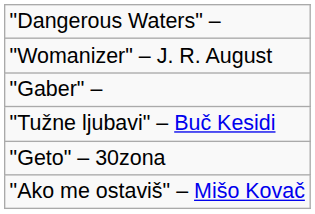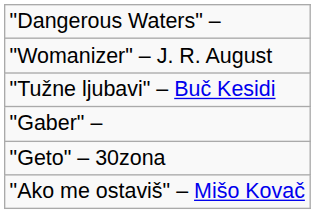 <table class="wikitable mw-collapsible mw-collapsed">
 <tr>
 <td>"Dangerous Waters" – </td>
 </tr>
 <tr>
 <td>"Womanizer" – J. R. August</td>
 </tr>
 <tr>
-<td>"Gaber" – </td>
+<td>"Tužne ljubavi" – <a href='#'>Buč Kesidi</a></td>
 </tr>
 <tr>
-<td>"Tužne ljubavi" – <a href='#'>Buč Kesidi</a></td>
+<td>"Gaber" – </td>
 </tr>
 <tr>
 <td>"Geto" – 30zona</td>
 </tr>
 <tr>
 <td>"Ako me ostaviš" – <a href='#'>Mišo Kovač</a></td>
 </tr>
 </table>
